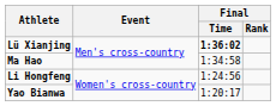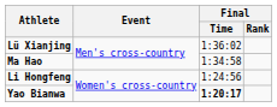 <table class=wikitable style=font-size:90%;text-align:center>
 <tr>
 <th rowspan="2">Athlete</th>
 <th rowspan="2">Event</th>
 <th colspan=2>Final</th>
 </tr>
 <tr>
 <th>Time</th>
 <th>Rank</th>
 </tr>
 <tr>
 <td align=left><strong>Lü Xianjing</strong></td>
 <td align=left rowspan=2><a href='#'>Men's cross-country</a></td>
-<td><strong>1:36:02</strong></td>
+<td>1:36:02</td>
 <td></td>
 </tr>
 <tr>
 <td align=left><strong>Ma Hao</strong></td>
 <td>1:34:58</td>
 <td></td>
 </tr>
 <tr>
 <td align=left><strong>Li Hongfeng</strong></td>
 <td align=left rowspan=2><a href='#'>Women's cross-country</a></td>
 <td>1:24:56</td>
 <td></td>
 </tr>
 <tr>
 <td align=left><strong>Yao Bianwa</strong></td>
-<td>1:20:17</td>
+<td><strong>1:20:17</strong></td>
 <td></td>
 </tr>
 </table>
